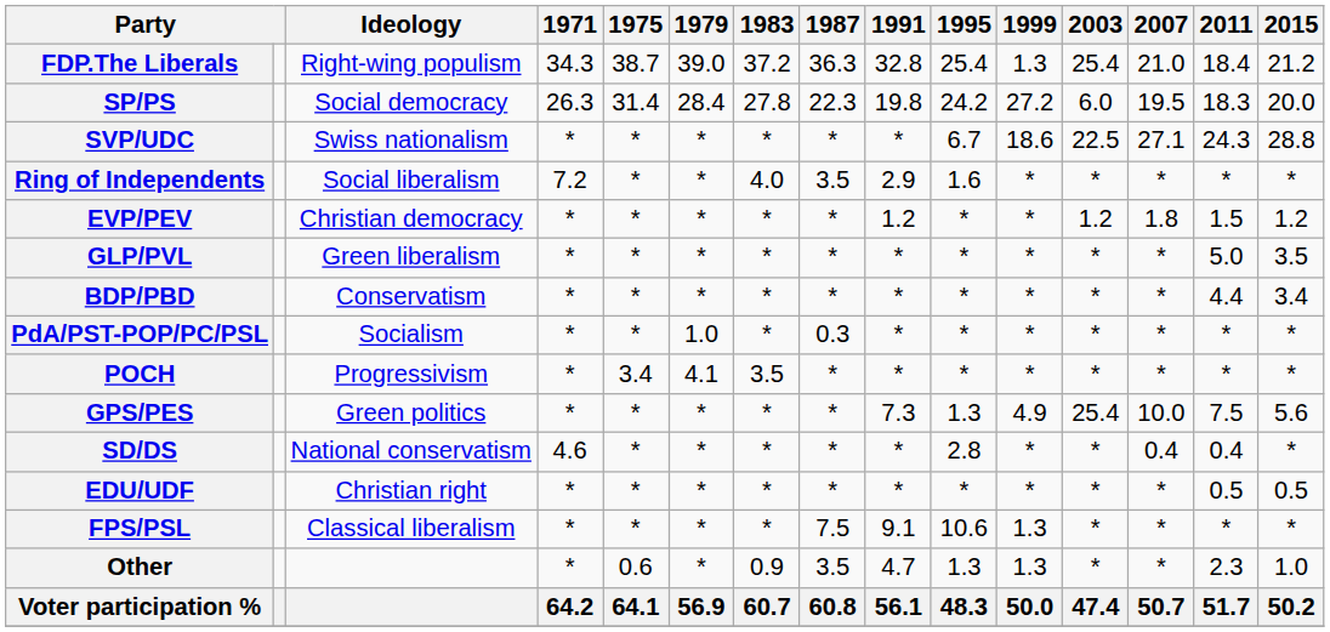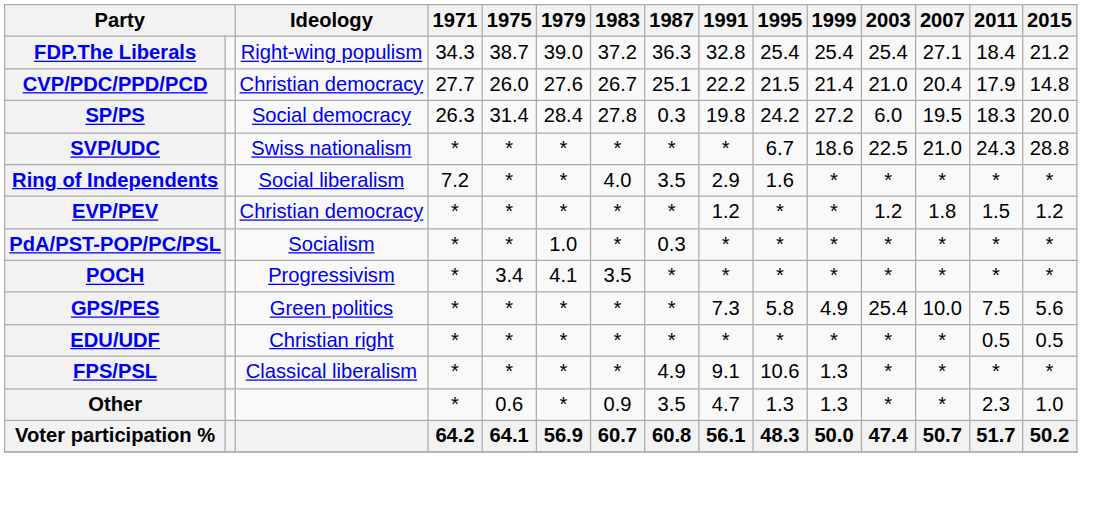 <table class="wikitable sortable" style ="text-align: center">
 <tr>
 <th colspan="2">Party</th>
 <th class="unsortable">Ideology</th>
 <th>1971</th>
 <th>1975</th>
 <th>1979</th>
 <th>1983</th>
 <th>1987</th>
 <th>1991</th>
 <th>1995</th>
 <th>1999</th>
 <th>2003</th>
 <th>2007</th>
 <th>2011</th>
 <th>2015</th>
 </tr>
 <tr>
 <th><a href='#'>FDP.The Liberals</a></th>
 <td style="color:inherit;background:"></td>
 <td><a href='#'>Right-wing populism</a></td>
 <td>34.3</td>
 <td>38.7</td>
 <td>39.0</td>
 <td>37.2</td>
 <td>36.3</td>
 <td>32.8</td>
 <td>25.4</td>
-<td>1.3</td>
 <td>25.4</td>
-<td>21.0</td>
+<td>25.4</td>
+<td>27.1</td>
 <td>18.4</td>
 <td>21.2</td>
+</tr>
+<tr>
+<th><a href='#'>CVP/PDC/PPD/PCD</a></th>
+<td style="color:inherit;background:"></td>
+<td><a href='#'>Christian democracy</a></td>
+<td>27.7</td>
+<td>26.0</td>
+<td>27.6</td>
+<td>26.7</td>
+<td>25.1</td>
+<td>22.2</td>
+<td>21.5</td>
+<td>21.4</td>
+<td>21.0</td>
+<td>20.4</td>
+<td>17.9</td>
+<td>14.8</td>
 </tr>
 <tr>
 <th><a href='#'>SP/PS</a></th>
 <td style="color:inherit;background:"></td>
 <td><a href='#'>Social democracy</a></td>
 <td>26.3</td>
 <td>31.4</td>
 <td>28.4</td>
 <td>27.8</td>
-<td>22.3</td>
+<td>0.3</td>
 <td>19.8</td>
 <td>24.2</td>
 <td>27.2</td>
 <td>6.0</td>
 <td>19.5</td>
 <td>18.3</td>
 <td>20.0</td>
 </tr>
 <tr>
 <th><a href='#'>SVP/UDC</a></th>
 <td style="color:inherit;background:"></td>
 <td><a href='#'>Swiss nationalism</a></td>
 <td>* </td>
 <td>*</td>
 <td>*</td>
 <td>*</td>
 <td>*</td>
 <td>*</td>
 <td>6.7</td>
 <td>18.6</td>
 <td>22.5</td>
-<td>27.1</td>
+<td>21.0</td>
 <td>24.3</td>
 <td>28.8</td>
 </tr>
 <tr>
 <th><a href='#'>Ring of Independents</a></th>
 <td></td>
 <td><a href='#'>Social liberalism</a></td>
 <td>7.2</td>
 <td>*</td>
 <td>*</td>
 <td>4.0</td>
 <td>3.5</td>
 <td>2.9</td>
 <td>1.6</td>
 <td>*</td>
 <td>*</td>
 <td>*</td>
 <td>*</td>
 <td>*</td>
 </tr>
 <tr>
 <th><a href='#'>EVP/PEV</a></th>
 <td style="color:inherit;background:"></td>
 <td><a href='#'>Christian democracy</a></td>
 <td>*</td>
 <td>*</td>
 <td>*</td>
 <td>*</td>
 <td>*</td>
 <td>1.2</td>
 <td>*</td>
 <td>*</td>
 <td>1.2</td>
 <td>1.8</td>
 <td>1.5</td>
 <td>1.2</td>
-</tr>
-<tr>
-<th><a href='#'>GLP/PVL</a></th>
-<td style="color:inherit;background:"></td>
-<td><a href='#'>Green liberalism</a></td>
-<td>*</td>
-<td>*</td>
-<td>*</td>
-<td>*</td>
-<td>*</td>
-<td>*</td>
-<td>*</td>
-<td>*</td>
-<td>*</td>
-<td>*</td>
-<td>5.0</td>
-<td>3.5</td>
-</tr>
-<tr>
-<th><a href='#'>BDP/PBD</a></th>
-<td style="color:inherit;background:"></td>
-<td><a href='#'>Conservatism</a></td>
-<td>*</td>
-<td>*</td>
-<td>*</td>
-<td>*</td>
-<td>*</td>
-<td>*</td>
-<td>*</td>
-<td>*</td>
-<td>*</td>
-<td>*</td>
-<td>4.4</td>
-<td>3.4</td>
 </tr>
 <tr>
 <th><a href='#'>PdA/PST-POP/PC/PSL</a></th>
 <td style="color:inherit;background:"></td>
 <td><a href='#'>Socialism</a></td>
 <td>*</td>
 <td>*</td>
 <td>1.0</td>
 <td>*</td>
 <td>0.3</td>
 <td>*</td>
 <td>*</td>
 <td>*</td>
 <td>*</td>
 <td>*</td>
 <td>*</td>
 <td>*</td>
 </tr>
 <tr>
 <th><a href='#'>POCH</a></th>
 <td></td>
 <td><a href='#'>Progressivism</a></td>
 <td>*</td>
 <td>3.4</td>
 <td>4.1</td>
 <td>3.5</td>
 <td>*</td>
 <td>*</td>
 <td>*</td>
 <td>*</td>
 <td>*</td>
 <td>*</td>
 <td>*</td>
 <td>*</td>
 </tr>
 <tr>
 <th><a href='#'>GPS/PES</a></th>
 <td style="color:inherit;background:"></td>
 <td><a href='#'>Green politics</a></td>
 <td>*</td>
 <td>*</td>
 <td>*</td>
 <td>*</td>
 <td>*</td>
 <td>7.3</td>
-<td>1.3</td>
+<td>5.8</td>
 <td>4.9</td>
 <td>25.4</td>
 <td>10.0</td>
 <td>7.5</td>
 <td>5.6</td>
-</tr>
-<tr>
-<th><a href='#'>SD/DS</a></th>
-<td style="color:inherit;background:"></td>
-<td><a href='#'>National conservatism</a></td>
-<td>4.6</td>
-<td>*</td>
-<td>*</td>
-<td>*</td>
-<td>*</td>
-<td>*</td>
-<td>2.8</td>
-<td>*</td>
-<td>*</td>
-<td>0.4</td>
-<td>0.4</td>
-<td>*</td>
 </tr>
 <tr>
 <th><a href='#'>EDU/UDF</a></th>
 <td style="color:inherit;background:"></td>
 <td><a href='#'>Christian right</a></td>
 <td>*</td>
 <td>*</td>
 <td>*</td>
 <td>*</td>
 <td>*</td>
 <td>*</td>
 <td>*</td>
 <td>*</td>
 <td>*</td>
 <td>*</td>
 <td>0.5</td>
 <td>0.5</td>
 </tr>
 <tr>
 <th><a href='#'>FPS/PSL</a></th>
 <td style="color:inherit;background:"></td>
 <td><a href='#'>Classical liberalism</a></td>
 <td>*</td>
 <td>*</td>
 <td>*</td>
 <td>*</td>
-<td>7.5</td>
+<td>4.9</td>
 <td>9.1</td>
 <td>10.6</td>
 <td>1.3</td>
 <td>*</td>
 <td>*</td>
 <td>*</td>
 <td>*</td>
 </tr>
 <tr>
 <th>Other</th>
 <td></td>
 <td></td>
 <td>*</td>
 <td>0.6</td>
 <td>*</td>
 <td>0.9</td>
 <td>3.5</td>
 <td>4.7</td>
 <td>1.3</td>
 <td>1.3</td>
 <td>*</td>
 <td>*</td>
 <td>2.3</td>
 <td>1.0</td>
 </tr>
 <tr>
 <th>Voter participation %</th>
 <th></th>
 <th></th>
 <th>64.2</th>
 <th>64.1</th>
 <th>56.9</th>
 <th>60.7</th>
 <th>60.8</th>
 <th>56.1</th>
 <th>48.3</th>
 <th>50.0</th>
 <th>47.4</th>
 <th>50.7</th>
 <th>51.7</th>
 <th>50.2</th>
 </tr>
 <tr>
 </tr>
 </table>
